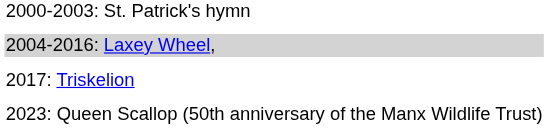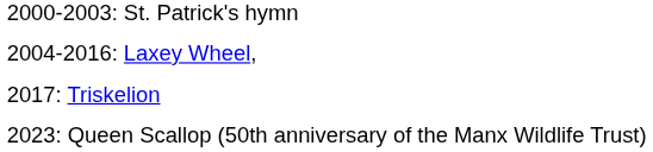 <table cellspacing="10px">
 <tr valign="top">
 <td>2000-2003: St. Patrick's hymn<br></td>
 </tr>
 <tr valign="top">
-<td style="background: lightgrey;">2004-2016: <a href='#'>Laxey Wheel</a>,<br></td>
+<td>2004-2016: <a href='#'>Laxey Wheel</a>,<br></td>
 </tr>
 <tr valign="top">
 <td>2017: <a href='#'>Triskelion</a></td>
 </tr>
 <tr valign="top">
 <td>2023: Queen Scallop (50th anniversary of the Manx Wildlife Trust)</td>
 </tr>
 </table>
